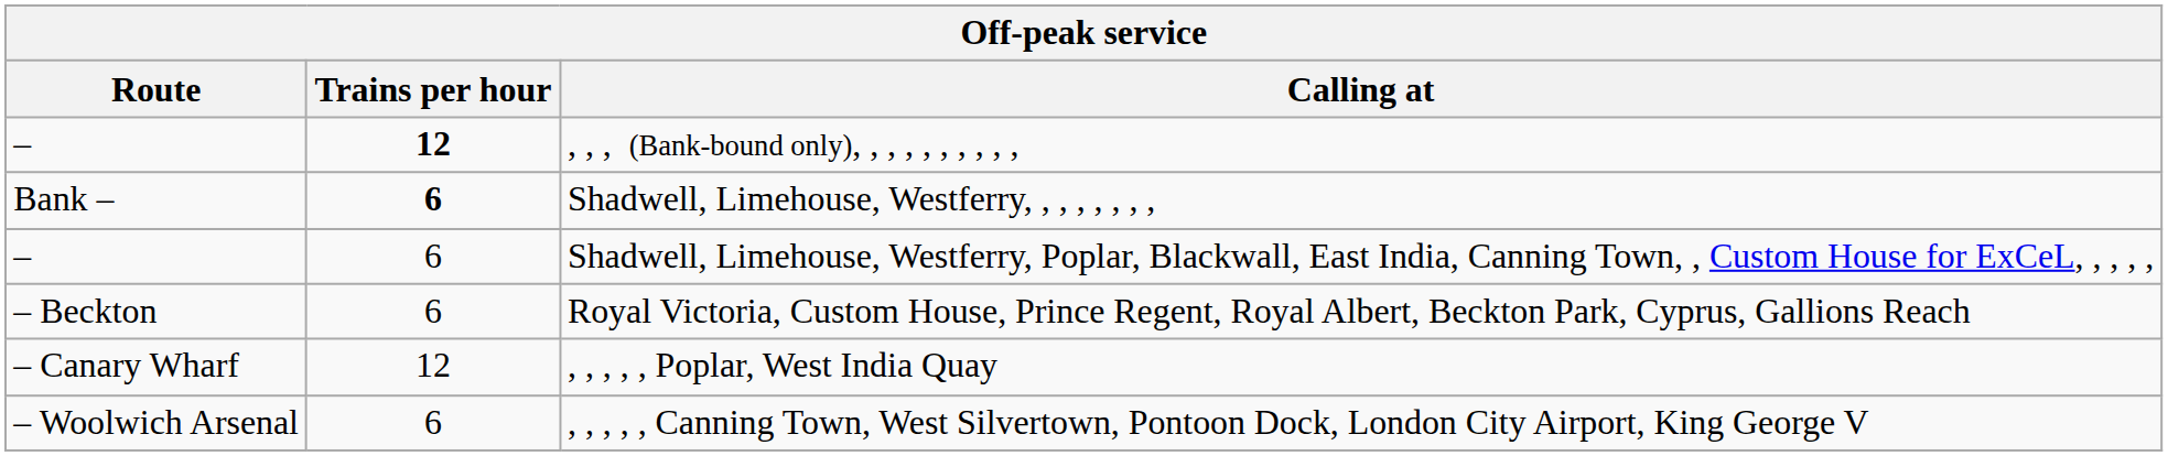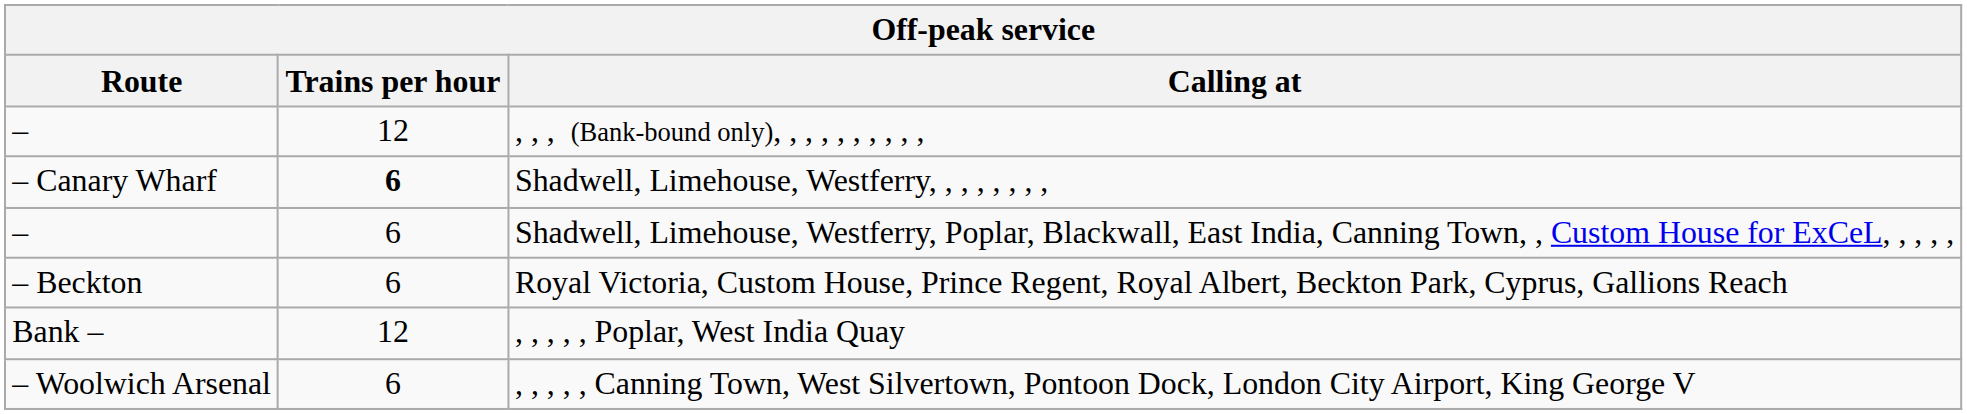 <table class="wikitable">
 <tr>
 <th colspan="4" style="background:#">Off-peak service</th>
 </tr>
 <tr>
 <th>Route</th>
 <th>Trains per hour</th>
 <th>Calling at</th>
 </tr>
 <tr>
 <td> – </td>
-<td align=center><strong>12</strong></td>
+<td align=center>12</td>
 <td>, , ,  <small>(Bank-bound only)</small>, , , , , , , , , , </td>
 </tr>
 <tr>
-<td>Bank – </td>
+<td> – Canary Wharf</td>
 <td align=center><strong>6</strong></td>
 <td>Shadwell, Limehouse, Westferry, , , , , , , , </td>
 </tr>
 <tr>
 <td> – </td>
 <td align=center>6</td>
 <td>Shadwell, Limehouse, Westferry, Poplar, Blackwall, East India, Canning Town, , <a href='#'>Custom House for ExCeL</a>, , , , , </td>
 </tr>
 <tr>
 <td> – Beckton</td>
 <td align=center>6</td>
 <td>Royal Victoria, Custom House, Prince Regent, Royal Albert, Beckton Park, Cyprus, Gallions Reach</td>
 </tr>
 <tr>
-<td> – Canary Wharf</td>
+<td>Bank – </td>
 <td align=center>12</td>
 <td>, , , , , Poplar, West India Quay</td>
 </tr>
 <tr>
 <td> – Woolwich Arsenal</td>
 <td align=center>6</td>
 <td>, , , , , Canning Town, West Silvertown, Pontoon Dock, London City Airport, King George V</td>
 </tr>
 </table>
